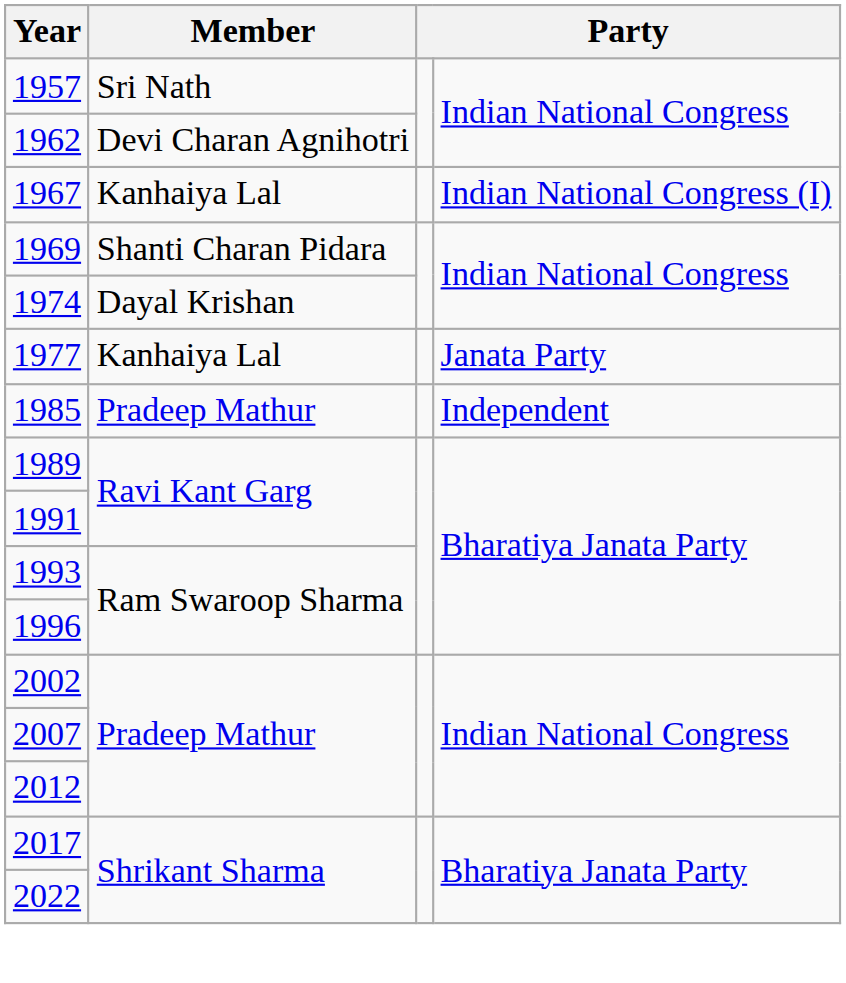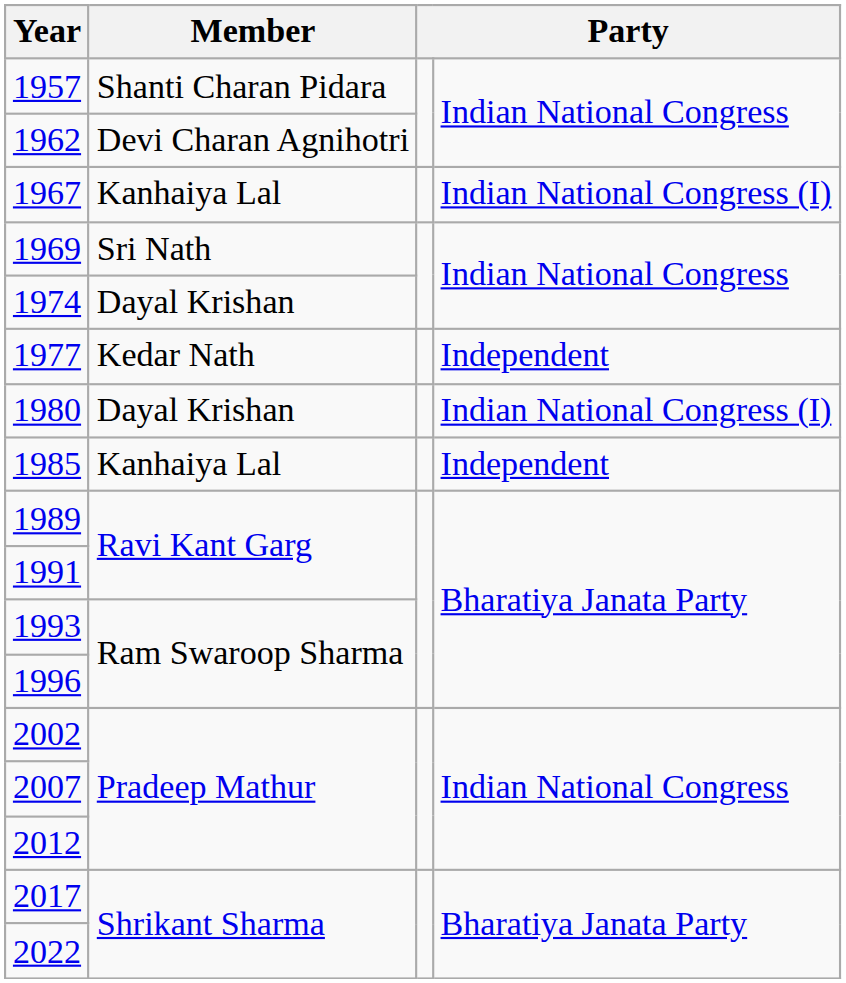 <table class="wikitable">
 <tr>
 <th>Year</th>
 <th>Member</th>
 <th colspan="2">Party</th>
 </tr>
 <tr>
 <td><a href='#'>1957</a></td>
-<td>Sri Nath</td>
+<td>Shanti Charan Pidara</td>
 <td rowspan="2" style="background-color: "></td>
 <td rowspan="2"><a href='#'>Indian National Congress</a></td>
 </tr>
 <tr>
 <td><a href='#'>1962</a></td>
 <td>Devi Charan Agnihotri</td>
 </tr>
 <tr>
 <td><a href='#'>1967</a></td>
 <td>Kanhaiya Lal</td>
 <td style="background-color: "></td>
 <td><a href='#'>Indian National Congress (I)</a></td>
 </tr>
 <tr>
 <td><a href='#'>1969</a></td>
-<td>Shanti Charan Pidara</td>
+<td>Sri Nath</td>
 <td rowspan="2" style="background-color: "></td>
 <td rowspan="2"><a href='#'>Indian National Congress</a></td>
 </tr>
 <tr>
 <td><a href='#'>1974</a></td>
 <td>Dayal Krishan</td>
 </tr>
 <tr>
 <td><a href='#'>1977</a></td>
-<td>Kanhaiya Lal</td>
+<td>Kedar Nath</td>
 <td style="background-color: "></td>
-<td><a href='#'>Janata Party</a></td>
+<td><a href='#'>Independent</a></td>
+</tr>
+<tr>
+<td><a href='#'>1980</a></td>
+<td>Dayal Krishan</td>
+<td style="background-color: "></td>
+<td><a href='#'>Indian National Congress (I)</a></td>
 </tr>
 <tr>
 <td><a href='#'>1985</a></td>
-<td><a href='#'>Pradeep Mathur</a></td>
+<td>Kanhaiya Lal</td>
 <td style="background-color: "></td>
 <td><a href='#'>Independent</a></td>
 </tr>
 <tr>
 <td><a href='#'>1989</a></td>
 <td rowspan="2"><a href='#'>Ravi Kant Garg</a></td>
 <td rowspan="4" style="background-color: "></td>
 <td rowspan="4"><a href='#'>Bharatiya Janata Party</a></td>
 </tr>
 <tr>
 <td><a href='#'>1991</a></td>
 </tr>
 <tr>
 <td><a href='#'>1993</a></td>
 <td rowspan="2">Ram Swaroop Sharma</td>
 </tr>
 <tr>
 <td><a href='#'>1996</a></td>
 </tr>
 <tr>
 <td><a href='#'>2002</a></td>
 <td rowspan="3"><a href='#'>Pradeep Mathur</a></td>
 <td rowspan="3" style="background-color: "></td>
 <td rowspan="3"><a href='#'>Indian National Congress</a></td>
 </tr>
 <tr>
 <td><a href='#'>2007</a></td>
 </tr>
 <tr>
 <td><a href='#'>2012</a></td>
 </tr>
 <tr>
 <td><a href='#'>2017</a></td>
 <td rowspan="2"><a href='#'>Shrikant Sharma</a></td>
 <td rowspan="2" style="background-color: "></td>
 <td rowspan="2"><a href='#'>Bharatiya Janata Party</a></td>
 </tr>
 <tr>
 <td><a href='#'>2022</a></td>
 </tr>
 </table>
